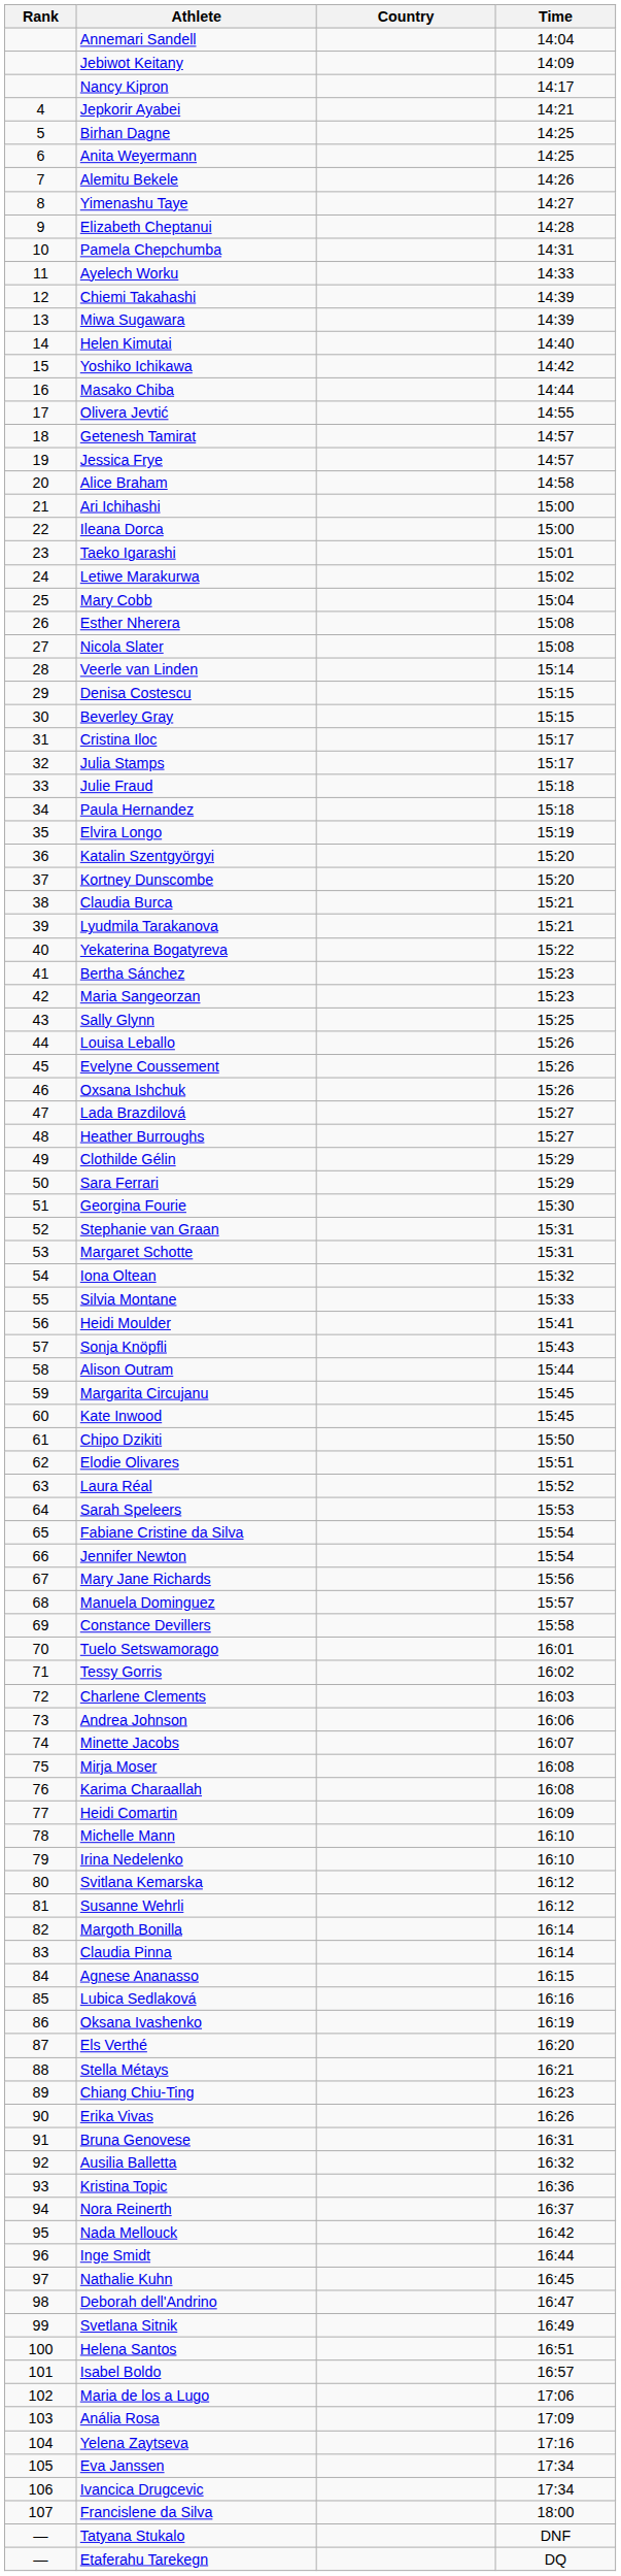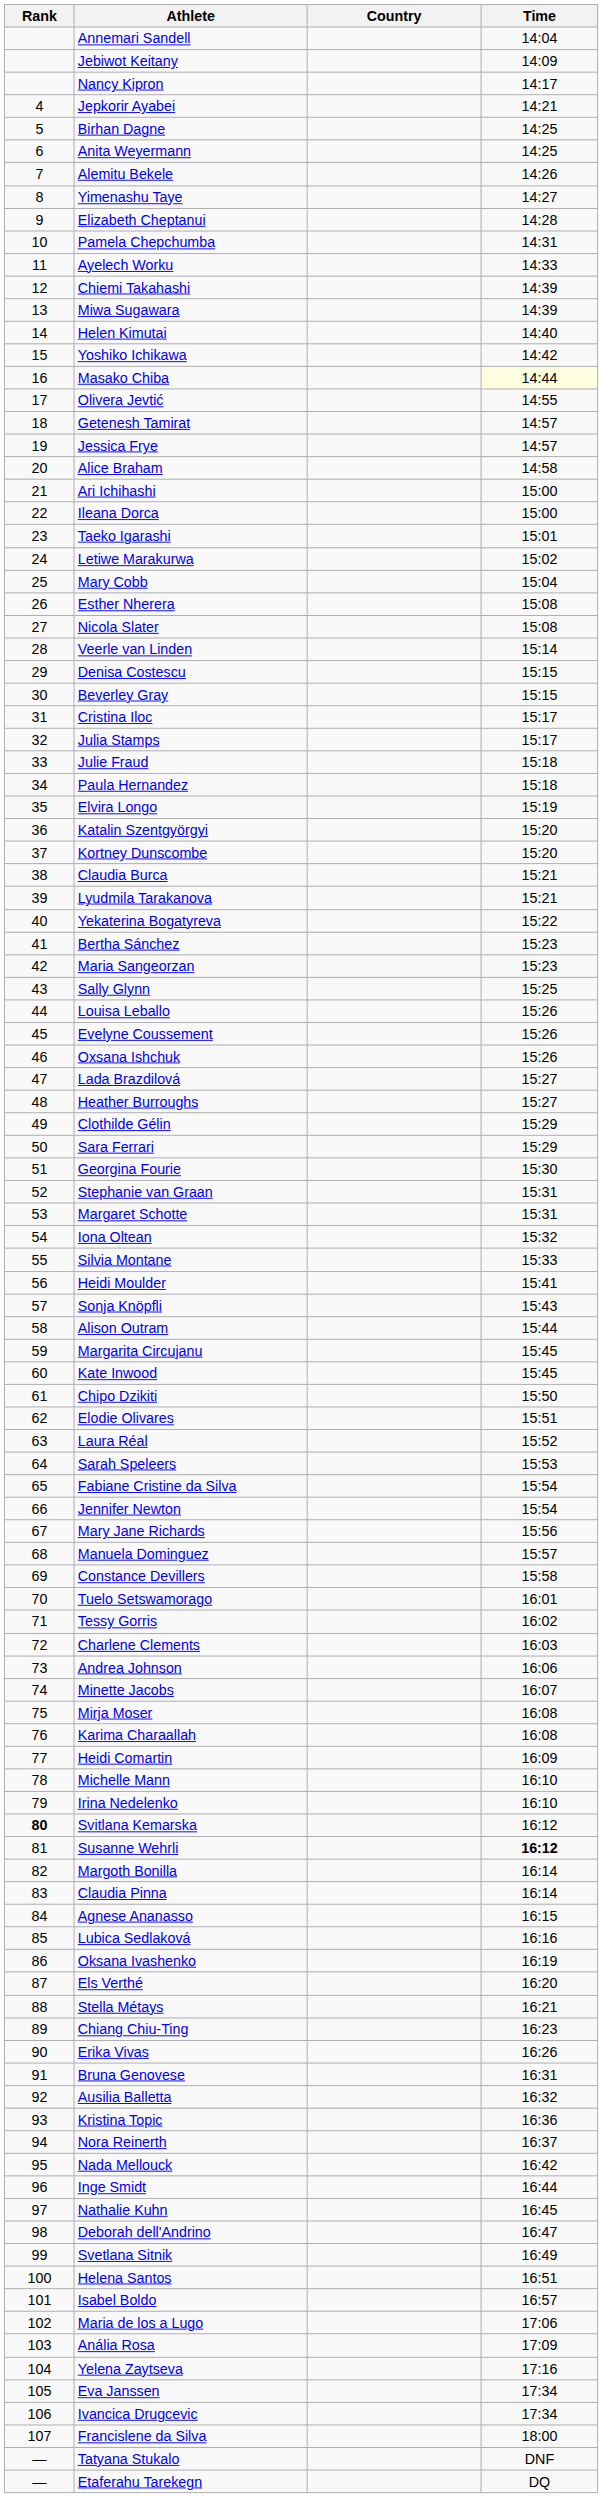 <table class="wikitable sortable" style=" text-align:center; font-size:95%;" width="50%">
 <tr>
 <th width=5%>Rank</th>
 <th width=20%>Athlete</th>
 <th width=15%>Country</th>
 <th width=10%>Time</th>
 </tr>
 <tr>
 <td align=center></td>
 <td align=left><a href='#'>Annemari Sandell</a></td>
 <td align=left></td>
 <td>14:04</td>
 </tr>
 <tr>
 <td align=center></td>
 <td align=left><a href='#'>Jebiwot Keitany</a></td>
 <td align=left></td>
 <td>14:09</td>
 </tr>
 <tr>
 <td align=center></td>
 <td align=left><a href='#'>Nancy Kipron</a></td>
 <td align=left></td>
 <td>14:17</td>
 </tr>
 <tr>
 <td align=center>4</td>
 <td align=left><a href='#'>Jepkorir Ayabei</a></td>
 <td align=left></td>
 <td>14:21</td>
 </tr>
 <tr>
 <td align=center>5</td>
 <td align=left><a href='#'>Birhan Dagne</a></td>
 <td align=left></td>
 <td>14:25</td>
 </tr>
 <tr>
 <td align=center>6</td>
 <td align=left><a href='#'>Anita Weyermann</a></td>
 <td align=left></td>
 <td>14:25</td>
 </tr>
 <tr>
 <td align=center>7</td>
 <td align=left><a href='#'>Alemitu Bekele</a></td>
 <td align=left></td>
 <td>14:26</td>
 </tr>
 <tr>
 <td align=center>8</td>
 <td align=left><a href='#'>Yimenashu Taye</a></td>
 <td align=left></td>
 <td>14:27</td>
 </tr>
 <tr>
 <td align=center>9</td>
 <td align=left><a href='#'>Elizabeth Cheptanui</a></td>
 <td align=left></td>
 <td>14:28</td>
 </tr>
 <tr>
 <td align=center>10</td>
 <td align=left><a href='#'>Pamela Chepchumba</a></td>
 <td align=left></td>
 <td>14:31</td>
 </tr>
 <tr>
 <td align=center>11</td>
 <td align=left><a href='#'>Ayelech Worku</a></td>
 <td align=left></td>
 <td>14:33</td>
 </tr>
 <tr>
 <td align=center>12</td>
 <td align=left><a href='#'>Chiemi Takahashi</a></td>
 <td align=left></td>
 <td>14:39</td>
 </tr>
 <tr>
 <td align=center>13</td>
 <td align=left><a href='#'>Miwa Sugawara</a></td>
 <td align=left></td>
 <td>14:39</td>
 </tr>
 <tr>
 <td align=center>14</td>
 <td align=left><a href='#'>Helen Kimutai</a></td>
 <td align=left></td>
 <td>14:40</td>
 </tr>
 <tr>
 <td align=center>15</td>
 <td align=left><a href='#'>Yoshiko Ichikawa</a></td>
 <td align=left></td>
 <td>14:42</td>
 </tr>
 <tr>
 <td align=center>16</td>
 <td align=left><a href='#'>Masako Chiba</a></td>
 <td align=left></td>
-<td>14:44</td>
+<td style="background: lightyellow;">14:44</td>
 </tr>
 <tr>
 <td align=center>17</td>
 <td align=left><a href='#'>Olivera Jevtić</a></td>
 <td align=left></td>
 <td>14:55</td>
 </tr>
 <tr>
 <td align=center>18</td>
 <td align=left><a href='#'>Getenesh Tamirat</a></td>
 <td align=left></td>
 <td>14:57</td>
 </tr>
 <tr>
 <td align=center>19</td>
 <td align=left><a href='#'>Jessica Frye</a></td>
 <td align=left></td>
 <td>14:57</td>
 </tr>
 <tr>
 <td align=center>20</td>
 <td align=left><a href='#'>Alice Braham</a></td>
 <td align=left></td>
 <td>14:58</td>
 </tr>
 <tr>
 <td align=center>21</td>
 <td align=left><a href='#'>Ari Ichihashi</a></td>
 <td align=left></td>
 <td>15:00</td>
 </tr>
 <tr>
 <td align=center>22</td>
 <td align=left><a href='#'>Ileana Dorca</a></td>
 <td align=left></td>
 <td>15:00</td>
 </tr>
 <tr>
 <td align=center>23</td>
 <td align=left><a href='#'>Taeko Igarashi</a></td>
 <td align=left></td>
 <td>15:01</td>
 </tr>
 <tr>
 <td align=center>24</td>
 <td align=left><a href='#'>Letiwe Marakurwa</a></td>
 <td align=left></td>
 <td>15:02</td>
 </tr>
 <tr>
 <td align=center>25</td>
 <td align=left><a href='#'>Mary Cobb</a></td>
 <td align=left></td>
 <td>15:04</td>
 </tr>
 <tr>
 <td align=center>26</td>
 <td align=left><a href='#'>Esther Nherera</a></td>
 <td align=left></td>
 <td>15:08</td>
 </tr>
 <tr>
 <td align=center>27</td>
 <td align=left><a href='#'>Nicola Slater</a></td>
 <td align=left></td>
 <td>15:08</td>
 </tr>
 <tr>
 <td align=center>28</td>
 <td align=left><a href='#'>Veerle van Linden</a></td>
 <td align=left></td>
 <td>15:14</td>
 </tr>
 <tr>
 <td align=center>29</td>
 <td align=left><a href='#'>Denisa Costescu</a></td>
 <td align=left></td>
 <td>15:15</td>
 </tr>
 <tr>
 <td align=center>30</td>
 <td align=left><a href='#'>Beverley Gray</a></td>
 <td align=left></td>
 <td>15:15</td>
 </tr>
 <tr>
 <td align=center>31</td>
 <td align=left><a href='#'>Cristina Iloc</a></td>
 <td align=left></td>
 <td>15:17</td>
 </tr>
 <tr>
 <td align=center>32</td>
 <td align=left><a href='#'>Julia Stamps</a></td>
 <td align=left></td>
 <td>15:17</td>
 </tr>
 <tr>
 <td align=center>33</td>
 <td align=left><a href='#'>Julie Fraud</a></td>
 <td align=left></td>
 <td>15:18</td>
 </tr>
 <tr>
 <td align=center>34</td>
 <td align=left><a href='#'>Paula Hernandez</a></td>
 <td align=left></td>
 <td>15:18</td>
 </tr>
 <tr>
 <td align=center>35</td>
 <td align=left><a href='#'>Elvira Longo</a></td>
 <td align=left></td>
 <td>15:19</td>
 </tr>
 <tr>
 <td align=center>36</td>
 <td align=left><a href='#'>Katalin Szentgyörgyi</a></td>
 <td align=left></td>
 <td>15:20</td>
 </tr>
 <tr>
 <td align=center>37</td>
 <td align=left><a href='#'>Kortney Dunscombe</a></td>
 <td align=left></td>
 <td>15:20</td>
 </tr>
 <tr>
 <td align=center>38</td>
 <td align=left><a href='#'>Claudia Burca</a></td>
 <td align=left></td>
 <td>15:21</td>
 </tr>
 <tr>
 <td align=center>39</td>
 <td align=left><a href='#'>Lyudmila Tarakanova</a></td>
 <td align=left></td>
 <td>15:21</td>
 </tr>
 <tr>
 <td align=center>40</td>
 <td align=left><a href='#'>Yekaterina Bogatyreva</a></td>
 <td align=left></td>
 <td>15:22</td>
 </tr>
 <tr>
 <td align=center>41</td>
 <td align=left><a href='#'>Bertha Sánchez</a></td>
 <td align=left></td>
 <td>15:23</td>
 </tr>
 <tr>
 <td align=center>42</td>
 <td align=left><a href='#'>Maria Sangeorzan</a></td>
 <td align=left></td>
 <td>15:23</td>
 </tr>
 <tr>
 <td align=center>43</td>
 <td align=left><a href='#'>Sally Glynn</a></td>
 <td align=left></td>
 <td>15:25</td>
 </tr>
 <tr>
 <td align=center>44</td>
 <td align=left><a href='#'>Louisa Leballo</a></td>
 <td align=left></td>
 <td>15:26</td>
 </tr>
 <tr>
 <td align=center>45</td>
 <td align=left><a href='#'>Evelyne Coussement</a></td>
 <td align=left></td>
 <td>15:26</td>
 </tr>
 <tr>
 <td align=center>46</td>
 <td align=left><a href='#'>Oxsana Ishchuk</a></td>
 <td align=left></td>
 <td>15:26</td>
 </tr>
 <tr>
 <td align=center>47</td>
 <td align=left><a href='#'>Lada Brazdilová</a></td>
 <td align=left></td>
 <td>15:27</td>
 </tr>
 <tr>
 <td align=center>48</td>
 <td align=left><a href='#'>Heather Burroughs</a></td>
 <td align=left></td>
 <td>15:27</td>
 </tr>
 <tr>
 <td align=center>49</td>
 <td align=left><a href='#'>Clothilde Gélin</a></td>
 <td align=left></td>
 <td>15:29</td>
 </tr>
 <tr>
 <td align=center>50</td>
 <td align=left><a href='#'>Sara Ferrari</a></td>
 <td align=left></td>
 <td>15:29</td>
 </tr>
 <tr>
 <td align=center>51</td>
 <td align=left><a href='#'>Georgina Fourie</a></td>
 <td align=left></td>
 <td>15:30</td>
 </tr>
 <tr>
 <td align=center>52</td>
 <td align=left><a href='#'>Stephanie van Graan</a></td>
 <td align=left></td>
 <td>15:31</td>
 </tr>
 <tr>
 <td align=center>53</td>
 <td align=left><a href='#'>Margaret Schotte</a></td>
 <td align=left></td>
 <td>15:31</td>
 </tr>
 <tr>
 <td align=center>54</td>
 <td align=left><a href='#'>Iona Oltean</a></td>
 <td align=left></td>
 <td>15:32</td>
 </tr>
 <tr>
 <td align=center>55</td>
 <td align=left><a href='#'>Silvia Montane</a></td>
 <td align=left></td>
 <td>15:33</td>
 </tr>
 <tr>
 <td align=center>56</td>
 <td align=left><a href='#'>Heidi Moulder</a></td>
 <td align=left></td>
 <td>15:41</td>
 </tr>
 <tr>
 <td align=center>57</td>
 <td align=left><a href='#'>Sonja Knöpfli</a></td>
 <td align=left></td>
 <td>15:43</td>
 </tr>
 <tr>
 <td align=center>58</td>
 <td align=left><a href='#'>Alison Outram</a></td>
 <td align=left></td>
 <td>15:44</td>
 </tr>
 <tr>
 <td align=center>59</td>
 <td align=left><a href='#'>Margarita Circujanu</a></td>
 <td align=left></td>
 <td>15:45</td>
 </tr>
 <tr>
 <td align=center>60</td>
 <td align=left><a href='#'>Kate Inwood</a></td>
 <td align=left></td>
 <td>15:45</td>
 </tr>
 <tr>
 <td align=center>61</td>
 <td align=left><a href='#'>Chipo Dzikiti</a></td>
 <td align=left></td>
 <td>15:50</td>
 </tr>
 <tr>
 <td align=center>62</td>
 <td align=left><a href='#'>Elodie Olivares</a></td>
 <td align=left></td>
 <td>15:51</td>
 </tr>
 <tr>
 <td align=center>63</td>
 <td align=left><a href='#'>Laura Réal</a></td>
 <td align=left></td>
 <td>15:52</td>
 </tr>
 <tr>
 <td align=center>64</td>
 <td align=left><a href='#'>Sarah Speleers</a></td>
 <td align=left></td>
 <td>15:53</td>
 </tr>
 <tr>
 <td align=center>65</td>
 <td align=left><a href='#'>Fabiane Cristine da Silva</a></td>
 <td align=left></td>
 <td>15:54</td>
 </tr>
 <tr>
 <td align=center>66</td>
 <td align=left><a href='#'>Jennifer Newton</a></td>
 <td align=left></td>
 <td>15:54</td>
 </tr>
 <tr>
 <td align=center>67</td>
 <td align=left><a href='#'>Mary Jane Richards</a></td>
 <td align=left></td>
 <td>15:56</td>
 </tr>
 <tr>
 <td align=center>68</td>
 <td align=left><a href='#'>Manuela Dominguez</a></td>
 <td align=left></td>
 <td>15:57</td>
 </tr>
 <tr>
 <td align=center>69</td>
 <td align=left><a href='#'>Constance Devillers</a></td>
 <td align=left></td>
 <td>15:58</td>
 </tr>
 <tr>
 <td align=center>70</td>
 <td align=left><a href='#'>Tuelo Setswamorago</a></td>
 <td align=left></td>
 <td>16:01</td>
 </tr>
 <tr>
 <td align=center>71</td>
 <td align=left><a href='#'>Tessy Gorris</a></td>
 <td align=left></td>
 <td>16:02</td>
 </tr>
 <tr>
 <td align=center>72</td>
 <td align=left><a href='#'>Charlene Clements</a></td>
 <td align=left></td>
 <td>16:03</td>
 </tr>
 <tr>
 <td align=center>73</td>
 <td align=left><a href='#'>Andrea Johnson</a></td>
 <td align=left></td>
 <td>16:06</td>
 </tr>
 <tr>
 <td align=center>74</td>
 <td align=left><a href='#'>Minette Jacobs</a></td>
 <td align=left></td>
 <td>16:07</td>
 </tr>
 <tr>
 <td align=center>75</td>
 <td align=left><a href='#'>Mirja Moser</a></td>
 <td align=left></td>
 <td>16:08</td>
 </tr>
 <tr>
 <td align=center>76</td>
 <td align=left><a href='#'>Karima Charaallah</a></td>
 <td align=left></td>
 <td>16:08</td>
 </tr>
 <tr>
 <td align=center>77</td>
 <td align=left><a href='#'>Heidi Comartin</a></td>
 <td align=left></td>
 <td>16:09</td>
 </tr>
 <tr>
 <td align=center>78</td>
 <td align=left><a href='#'>Michelle Mann</a></td>
 <td align=left></td>
 <td>16:10</td>
 </tr>
 <tr>
 <td align=center>79</td>
 <td align=left><a href='#'>Irina Nedelenko</a></td>
 <td align=left></td>
 <td>16:10</td>
 </tr>
 <tr>
-<td align=center>80</td>
+<td align=center><strong>80</strong></td>
 <td align=left><a href='#'>Svitlana Kemarska</a></td>
 <td align=left></td>
 <td>16:12</td>
 </tr>
 <tr>
 <td align=center>81</td>
 <td align=left><a href='#'>Susanne Wehrli</a></td>
 <td align=left></td>
-<td>16:12</td>
+<td><strong>16:12</strong></td>
 </tr>
 <tr>
 <td align=center>82</td>
 <td align=left><a href='#'>Margoth Bonilla</a></td>
 <td align=left></td>
 <td>16:14</td>
 </tr>
 <tr>
 <td align=center>83</td>
 <td align=left><a href='#'>Claudia Pinna</a></td>
 <td align=left></td>
 <td>16:14</td>
 </tr>
 <tr>
 <td align=center>84</td>
 <td align=left><a href='#'>Agnese Ananasso</a></td>
 <td align=left></td>
 <td>16:15</td>
 </tr>
 <tr>
 <td align=center>85</td>
 <td align=left><a href='#'>Lubica Sedlaková</a></td>
 <td align=left></td>
 <td>16:16</td>
 </tr>
 <tr>
 <td align=center>86</td>
 <td align=left><a href='#'>Oksana Ivashenko</a></td>
 <td align=left></td>
 <td>16:19</td>
 </tr>
 <tr>
 <td align=center>87</td>
 <td align=left><a href='#'>Els Verthé</a></td>
 <td align=left></td>
 <td>16:20</td>
 </tr>
 <tr>
 <td align=center>88</td>
 <td align=left><a href='#'>Stella Métays</a></td>
 <td align=left></td>
 <td>16:21</td>
 </tr>
 <tr>
 <td align=center>89</td>
 <td align=left><a href='#'>Chiang Chiu-Ting</a></td>
 <td align=left></td>
 <td>16:23</td>
 </tr>
 <tr>
 <td align=center>90</td>
 <td align=left><a href='#'>Erika Vivas</a></td>
 <td align=left></td>
 <td>16:26</td>
 </tr>
 <tr>
 <td align=center>91</td>
 <td align=left><a href='#'>Bruna Genovese</a></td>
 <td align=left></td>
 <td>16:31</td>
 </tr>
 <tr>
 <td align=center>92</td>
 <td align=left><a href='#'>Ausilia Balletta</a></td>
 <td align=left></td>
 <td>16:32</td>
 </tr>
 <tr>
 <td align=center>93</td>
 <td align=left><a href='#'>Kristina Topic</a></td>
 <td align=left></td>
 <td>16:36</td>
 </tr>
 <tr>
 <td align=center>94</td>
 <td align=left><a href='#'>Nora Reinerth</a></td>
 <td align=left></td>
 <td>16:37</td>
 </tr>
 <tr>
 <td align=center>95</td>
 <td align=left><a href='#'>Nada Mellouck</a></td>
 <td align=left></td>
 <td>16:42</td>
 </tr>
 <tr>
 <td align=center>96</td>
 <td align=left><a href='#'>Inge Smidt</a></td>
 <td align=left></td>
 <td>16:44</td>
 </tr>
 <tr>
 <td align=center>97</td>
 <td align=left><a href='#'>Nathalie Kuhn</a></td>
 <td align=left></td>
 <td>16:45</td>
 </tr>
 <tr>
 <td align=center>98</td>
 <td align=left><a href='#'>Deborah dell'Andrino</a></td>
 <td align=left></td>
 <td>16:47</td>
 </tr>
 <tr>
 <td align=center>99</td>
 <td align=left><a href='#'>Svetlana Sitnik</a></td>
 <td align=left></td>
 <td>16:49</td>
 </tr>
 <tr>
 <td align=center>100</td>
 <td align=left><a href='#'>Helena Santos</a></td>
 <td align=left></td>
 <td>16:51</td>
 </tr>
 <tr>
 <td align=center>101</td>
 <td align=left><a href='#'>Isabel Boldo</a></td>
 <td align=left></td>
 <td>16:57</td>
 </tr>
 <tr>
 <td align=center>102</td>
 <td align=left><a href='#'>Maria de los a Lugo</a></td>
 <td align=left></td>
 <td>17:06</td>
 </tr>
 <tr>
 <td align=center>103</td>
 <td align=left><a href='#'>Anália Rosa</a></td>
 <td align=left></td>
 <td>17:09</td>
 </tr>
 <tr>
 <td align=center>104</td>
 <td align=left><a href='#'>Yelena Zaytseva</a></td>
 <td align=left></td>
 <td>17:16</td>
 </tr>
 <tr>
 <td align=center>105</td>
 <td align=left><a href='#'>Eva Janssen</a></td>
 <td align=left></td>
 <td>17:34</td>
 </tr>
 <tr>
 <td align=center>106</td>
 <td align=left><a href='#'>Ivancica Drugcevic</a></td>
 <td align=left></td>
 <td>17:34</td>
 </tr>
 <tr>
 <td align=center>107</td>
 <td align=left><a href='#'>Francislene da Silva</a></td>
 <td align=left></td>
 <td>18:00</td>
 </tr>
 <tr>
 <td align=center>—</td>
 <td align=left><a href='#'>Tatyana Stukalo</a></td>
 <td align=left></td>
 <td>DNF</td>
 </tr>
 <tr>
 <td align=center>—</td>
 <td align=left><a href='#'>Etaferahu Tarekegn</a></td>
 <td align=left></td>
 <td>DQ</td>
 </tr>
 </table>
